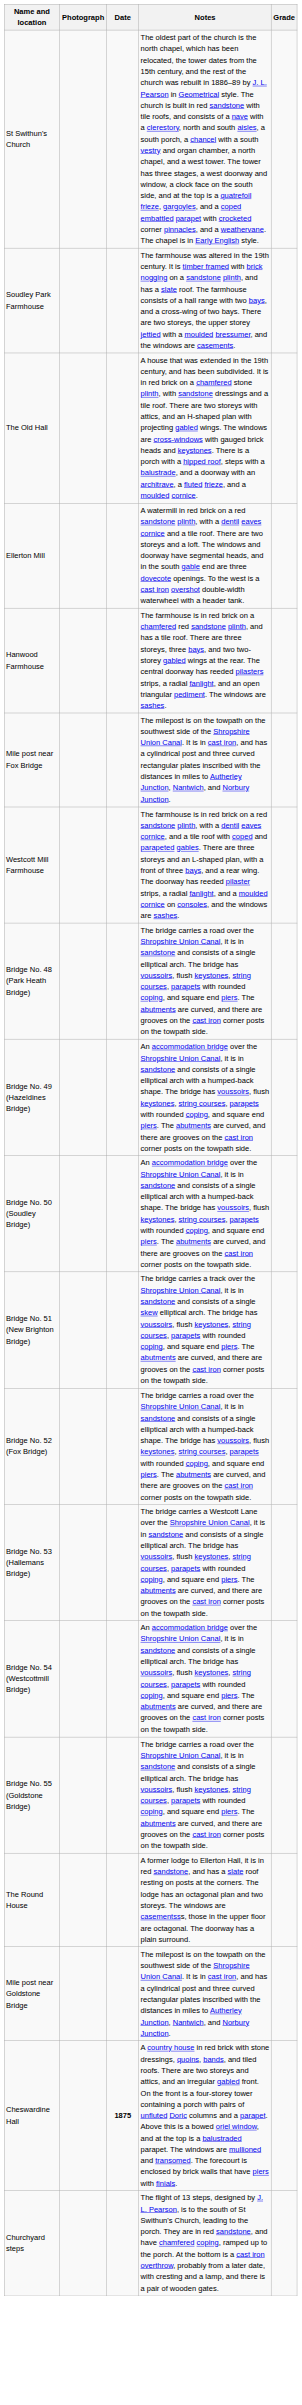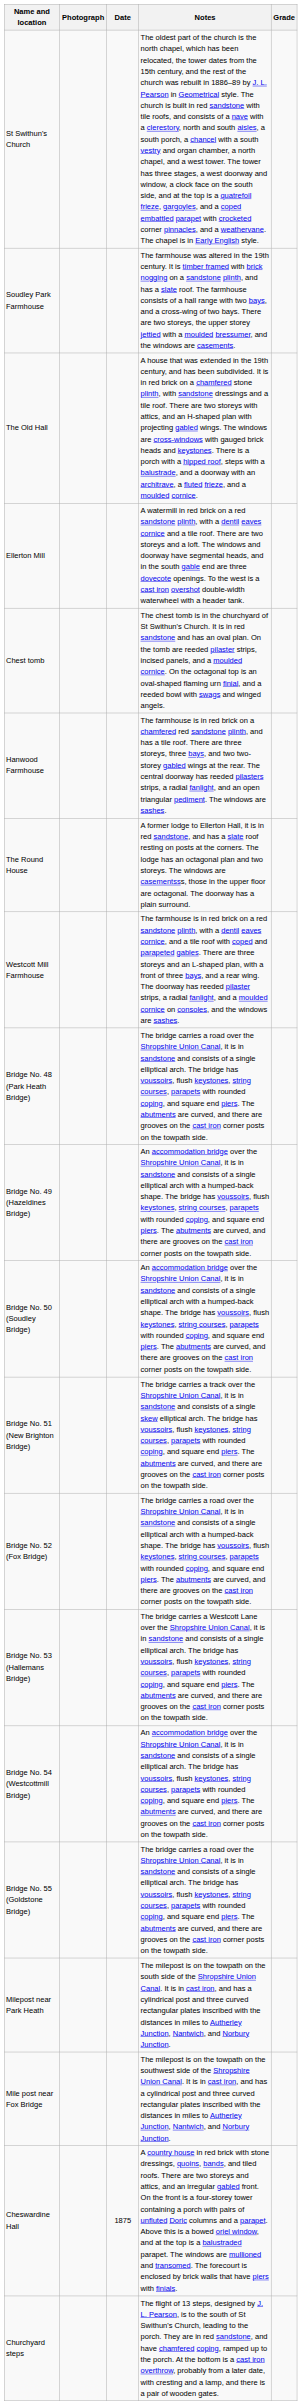 <table class="wikitable sortable plainrowheaders" style="width:100%; border:0; text-align:left; line-height:150%;">
 <tr>
 <th scope="col"  style="width:150px">Name and location</th>
 <th scope="col"  style="width:100px" class="unsortable">Photograph</th>
 <th scope="col"  style="width:120px">Date</th>
 <th scope="col"  style="width:650px" class="unsortable">Notes</th>
 <th scope="col"  style="width:50px">Grade</th>
 </tr>
 <tr>
 <td>St Swithun's Church<br><small></small></td>
 <td></td>
 <td align="center"></td>
 <td>The oldest part of the church is the north chapel, which has been relocated, the tower dates from the 15th century, and the rest of the church was rebuilt in 1886–89 by <a href='#'>J. L. Pearson</a> in <a href='#'>Geometrical</a> style.  The church is built in red <a href='#'>sandstone</a> with tile roofs, and consists of a <a href='#'>nave</a> with a <a href='#'>clerestory</a>, north and south <a href='#'>aisles</a>, a south porch, a <a href='#'>chancel</a> with a south <a href='#'>vestry</a> and organ chamber, a north chapel, and a west tower.  The tower has three stages, a west doorway and window, a clock face on the south side, and at the top is a <a href='#'>quatrefoil</a> <a href='#'>frieze</a>, <a href='#'>gargoyles</a>, and a <a href='#'>coped</a> <a href='#'>embattled</a> <a href='#'>parapet</a> with <a href='#'>crocketed</a> corner <a href='#'>pinnacles</a>, and a <a href='#'>weathervane</a>.  The chapel is in <a href='#'>Early English</a> style.</td>
 <td align="center" ></td>
 </tr>
 <tr>
 <td>Soudley Park Farmhouse<br><small></small></td>
 <td></td>
 <td align="center"></td>
 <td>The farmhouse was altered in the 19th century.  It is <a href='#'>timber framed</a> with <a href='#'>brick nogging</a> on a <a href='#'>sandstone</a> <a href='#'>plinth</a>, and has a <a href='#'>slate</a> roof.  The farmhouse consists of a hall range with two <a href='#'>bays</a>, and a cross-wing of two bays.  There are two storeys, the upper storey <a href='#'>jettied</a> with a <a href='#'>moulded</a> <a href='#'>bressumer</a>, and the windows are <a href='#'>casements</a>.</td>
 <td align="center" ></td>
 </tr>
 <tr>
 <td>The Old Hall<br><small></small></td>
 <td></td>
 <td align="center"></td>
 <td>A house that was extended in the 19th century, and has been subdivided.  It is in red brick on a <a href='#'>chamfered</a> stone <a href='#'>plinth</a>, with <a href='#'>sandstone</a> dressings and a tile roof.  There are two storeys with attics, and an H-shaped plan with projecting <a href='#'>gabled</a> wings.  The windows are <a href='#'>cross-windows</a> with gauged brick heads and <a href='#'>keystones</a>.  There is a porch with a <a href='#'>hipped roof</a>, steps with a <a href='#'>balustrade</a>, and a doorway with an <a href='#'>architrave</a>, a <a href='#'>fluted</a> <a href='#'>frieze</a>, and a <a href='#'>moulded</a> <a href='#'>cornice</a>.</td>
 <td align="center" ></td>
 </tr>
 <tr>
 <td>Ellerton Mill<br><small></small></td>
 <td></td>
 <td align="center"></td>
 <td>A watermill in red brick on a red <a href='#'>sandstone</a> <a href='#'>plinth</a>, with a <a href='#'>dentil</a> <a href='#'>eaves</a> <a href='#'>cornice</a> and a tile roof.  There are two storeys and a loft.  The windows and doorway have segmental heads, and in the south <a href='#'>gable</a> end are three <a href='#'>dovecote</a> openings.  To the west is a <a href='#'>cast iron</a> <a href='#'>overshot</a> double-width waterwheel with a header tank.</td>
 <td align="center" ></td>
 </tr>
 <tr>
+<td>Chest tomb<br><small></small></td>
+<td></td>
+<td align="center"></td>
+<td>The chest tomb is in the churchyard of St Swithun's Church.  It is in red <a href='#'>sandstone</a> and has an oval plan.  On the tomb are reeded <a href='#'>pilaster</a> strips, incised panels, and a <a href='#'>moulded</a> <a href='#'>cornice</a>.  On the octagonal top is an oval-shaped flaming urn <a href='#'>finial</a>, and a reeded bowl with <a href='#'>swags</a> and winged angels.</td>
+<td align="center" ></td>
+</tr>
+<tr>
 <td>Hanwood Farmhouse<br><small></small></td>
 <td></td>
 <td align="center"></td>
 <td>The farmhouse is in red brick on a <a href='#'>chamfered</a> red <a href='#'>sandstone</a> <a href='#'>plinth</a>, and has a tile roof.  There are three storeys, three <a href='#'>bays</a>, and two two-storey <a href='#'>gabled</a> wings at the rear.  The central doorway has reeded <a href='#'>pilasters</a> strips, a radial <a href='#'>fanlight</a>, and an open triangular <a href='#'>pediment</a>.  The windows are <a href='#'>sashes</a>.</td>
 <td align="center" ></td>
 </tr>
 <tr>
-<td>Mile post near Fox Bridge<br><small></small></td>
+<td>The Round House<br><small></small></td>
 <td></td>
 <td align="center"></td>
-<td>The milepost is on the towpath on the southwest side of the <a href='#'>Shropshire Union Canal</a>.  It is in <a href='#'>cast iron</a>, and has a cylindrical post and three curved rectangular plates inscribed with the distances in miles to <a href='#'>Autherley Junction</a>, <a href='#'>Nantwich</a>, and <a href='#'>Norbury Junction</a>.</td>
+<td>A former lodge to Ellerton Hall, it is in red <a href='#'>sandstone</a>, and has a <a href='#'>slate</a> roof resting on posts at the corners.  The lodge has an octagonal plan and two storeys.  The windows are <a href='#'>casementss</a>s, those in the upper floor are octagonal.  The doorway has a plain surround.</td>
 <td align="center" ></td>
 </tr>
 <tr>
 <td>Westcott Mill Farmhouse<br><small></small></td>
 <td></td>
 <td align="center"></td>
 <td>The farmhouse is in red brick on a red <a href='#'>sandstone</a> <a href='#'>plinth</a>, with a <a href='#'>dentil</a> <a href='#'>eaves</a> <a href='#'>cornice</a>, and a tile roof with <a href='#'>coped</a> and <a href='#'>parapeted</a> <a href='#'>gables</a>.  There are three storeys and an L-shaped plan, with a front of three <a href='#'>bays</a>, and a rear wing.  The doorway has reeded <a href='#'>pilaster</a> strips, a radial <a href='#'>fanlight</a>, and a <a href='#'>moulded</a> <a href='#'>cornice</a> on <a href='#'>consoles</a>, and the windows are <a href='#'>sashes</a>.</td>
 <td align="center" ></td>
 </tr>
 <tr>
 <td>Bridge No. 48 (Park Heath Bridge)<br><small></small></td>
 <td></td>
 <td align="center"></td>
 <td>The bridge carries a road over the <a href='#'>Shropshire Union Canal</a>, it is in <a href='#'>sandstone</a> and consists of a single elliptical arch.  The bridge has <a href='#'>voussoirs</a>, flush <a href='#'>keystones</a>, <a href='#'>string courses</a>, <a href='#'>parapets</a> with rounded <a href='#'>coping</a>, and square end <a href='#'>piers</a>.  The <a href='#'>abutments</a> are curved, and there are grooves on the <a href='#'>cast iron</a> corner posts on the towpath side.</td>
 <td align="center" ></td>
 </tr>
 <tr>
 <td>Bridge No. 49 (Hazeldines Bridge)<br><small></small></td>
 <td></td>
 <td align="center"></td>
 <td>An <a href='#'>accommodation bridge</a> over the <a href='#'>Shropshire Union Canal</a>, it is in <a href='#'>sandstone</a> and consists of a single elliptical arch with a humped-back shape.  The bridge has <a href='#'>voussoirs</a>, flush <a href='#'>keystones</a>, <a href='#'>string courses</a>, <a href='#'>parapets</a> with rounded <a href='#'>coping</a>, and square end <a href='#'>piers</a>.  The <a href='#'>abutments</a> are curved, and there are grooves on the <a href='#'>cast iron</a> corner posts on the towpath side.</td>
 <td align="center" ></td>
 </tr>
 <tr>
 <td>Bridge No. 50 (Soudley Bridge)<br><small></small></td>
 <td></td>
 <td align="center"></td>
 <td>An <a href='#'>accommodation bridge</a> over the <a href='#'>Shropshire Union Canal</a>, it is in <a href='#'>sandstone</a> and consists of a single elliptical arch with a humped-back shape.  The bridge has <a href='#'>voussoirs</a>, flush <a href='#'>keystones</a>, <a href='#'>string courses</a>, <a href='#'>parapets</a> with rounded <a href='#'>coping</a>, and square end <a href='#'>piers</a>.  The <a href='#'>abutments</a> are curved, and there are grooves on the <a href='#'>cast iron</a> corner posts on the towpath side.</td>
 <td align="center" ></td>
 </tr>
 <tr>
 <td>Bridge No. 51 (New Brighton Bridge)<br><small></small></td>
 <td></td>
 <td align="center"></td>
 <td>The bridge carries a track over the <a href='#'>Shropshire Union Canal</a>, it is in <a href='#'>sandstone</a> and consists of a single <a href='#'>skew</a> elliptical arch.  The bridge has <a href='#'>voussoirs</a>, flush <a href='#'>keystones</a>, <a href='#'>string courses</a>, <a href='#'>parapets</a> with rounded <a href='#'>coping</a>, and square end <a href='#'>piers</a>.  The <a href='#'>abutments</a> are curved, and there are grooves on the <a href='#'>cast iron</a> corner posts on the towpath side.</td>
 <td align="center" ></td>
 </tr>
 <tr>
 <td>Bridge No. 52 (Fox Bridge)<br><small></small></td>
 <td></td>
 <td align="center"></td>
 <td>The bridge carries a road over the <a href='#'>Shropshire Union Canal</a>, it is in <a href='#'>sandstone</a> and consists of a single elliptical arch with a humped-back shape.  The bridge has <a href='#'>voussoirs</a>, flush <a href='#'>keystones</a>, <a href='#'>string courses</a>, <a href='#'>parapets</a> with rounded <a href='#'>coping</a>, and square end <a href='#'>piers</a>.  The <a href='#'>abutments</a> are curved, and there are grooves on the <a href='#'>cast iron</a> corner posts on the towpath side.</td>
 <td align="center" ></td>
 </tr>
 <tr>
 <td>Bridge No. 53 (Hallemans Bridge)<br><small></small></td>
 <td></td>
 <td align="center"></td>
 <td>The bridge carries a Westcott Lane over the <a href='#'>Shropshire Union Canal</a>, it is in <a href='#'>sandstone</a> and consists of a single elliptical arch.  The bridge has <a href='#'>voussoirs</a>, flush <a href='#'>keystones</a>, <a href='#'>string courses</a>, <a href='#'>parapets</a> with rounded <a href='#'>coping</a>, and square end <a href='#'>piers</a>.  The <a href='#'>abutments</a> are curved, and there are grooves on the <a href='#'>cast iron</a> corner posts on the towpath side.</td>
 <td align="center" ></td>
 </tr>
 <tr>
 <td>Bridge No. 54 (Westcottmill Bridge)<br><small></small></td>
 <td></td>
 <td align="center"></td>
 <td>An <a href='#'>accommodation bridge</a> over the <a href='#'>Shropshire Union Canal</a>, it is in <a href='#'>sandstone</a> and consists of a single elliptical arch.  The bridge has <a href='#'>voussoirs</a>, flush <a href='#'>keystones</a>, <a href='#'>string courses</a>, <a href='#'>parapets</a> with rounded <a href='#'>coping</a>, and square end <a href='#'>piers</a>.  The <a href='#'>abutments</a> are curved, and there are grooves on the <a href='#'>cast iron</a> corner posts on the towpath side.</td>
 <td align="center" ></td>
 </tr>
 <tr>
 <td>Bridge No. 55 (Goldstone Bridge)<br><small></small></td>
 <td></td>
 <td align="center"></td>
 <td>The bridge carries a road over the <a href='#'>Shropshire Union Canal</a>, it is in <a href='#'>sandstone</a> and consists of a single elliptical arch.  The bridge has <a href='#'>voussoirs</a>, flush <a href='#'>keystones</a>, <a href='#'>string courses</a>, <a href='#'>parapets</a> with rounded <a href='#'>coping</a>, and square end <a href='#'>piers</a>.  The <a href='#'>abutments</a> are curved, and there are grooves on the <a href='#'>cast iron</a> corner posts on the towpath side.</td>
 <td align="center" ></td>
 </tr>
 <tr>
-<td>The Round House<br><small></small></td>
+<td>Milepost near Park Heath<br><small></small></td>
 <td></td>
 <td align="center"></td>
-<td>A former lodge to Ellerton Hall, it is in red <a href='#'>sandstone</a>, and has a <a href='#'>slate</a> roof resting on posts at the corners.  The lodge has an octagonal plan and two storeys.  The windows are <a href='#'>casementss</a>s, those in the upper floor are octagonal.  The doorway has a plain surround.</td>
+<td>The milepost is on the towpath on the south side of the <a href='#'>Shropshire Union Canal</a>.  It is in <a href='#'>cast iron</a>, and has a cylindrical post and three curved rectangular plates inscribed with the distances in miles to <a href='#'>Autherley Junction</a>, <a href='#'>Nantwich</a>, and <a href='#'>Norbury Junction</a>.</td>
 <td align="center" ></td>
 </tr>
 <tr>
-<td>Mile post near Goldstone Bridge<br><small></small></td>
+<td>Mile post near Fox Bridge<br><small></small></td>
 <td></td>
 <td align="center"></td>
 <td>The milepost is on the towpath on the southwest side of the <a href='#'>Shropshire Union Canal</a>.  It is in <a href='#'>cast iron</a>, and has a cylindrical post and three curved rectangular plates inscribed with the distances in miles to <a href='#'>Autherley Junction</a>, <a href='#'>Nantwich</a>, and <a href='#'>Norbury Junction</a>.</td>
 <td align="center" ></td>
 </tr>
 <tr>
 <td>Cheswardine Hall<br><small></small></td>
 <td></td>
-<td align="center"><strong>1875</strong></td>
+<td align="center">1875</td>
 <td>A <a href='#'>country house</a> in red brick with stone dressings, <a href='#'>quoins</a>, <a href='#'>bands</a>, and tiled roofs.  There are two storeys and attics, and an irregular <a href='#'>gabled</a> front.  On the front is a four-storey tower containing a porch with pairs of <a href='#'>unfluted</a> <a href='#'>Doric</a> columns and a <a href='#'>parapet</a>.  Above this is a bowed <a href='#'>oriel window</a>, and at the top is a <a href='#'>balustraded</a> parapet.  The windows are <a href='#'>mullioned</a> and <a href='#'>transomed</a>.  The forecourt is enclosed by brick walls that have <a href='#'>piers</a> with <a href='#'>finials</a>.</td>
 <td align="center" ></td>
 </tr>
 <tr>
 <td>Churchyard steps<br><small></small></td>
 <td></td>
 <td align="center"></td>
 <td>The flight of 13 steps, designed by <a href='#'>J. L. Pearson</a>, is to the south of St Swithun's Church, leading to the porch.  They are in red <a href='#'>sandstone</a>, and have <a href='#'>chamfered</a> <a href='#'>coping</a>, ramped up to the porch.  At the bottom is a <a href='#'>cast iron</a> <a href='#'>overthrow</a>, probably from a later date, with cresting and a lamp, and there is a pair of wooden gates.</td>
 <td align="center" ></td>
 </tr>
 <tr>
 </tr>
 </table>
